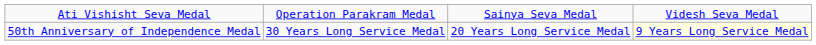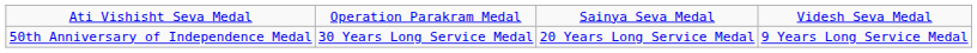 <table class="wikitable" style="margin:1em auto; text-align:center;">
 <tr>
 <td><a href='#'>Ati Vishisht Seva Medal</a></td>
 <td><a href='#'>Operation Parakram Medal</a></td>
 <td><a href='#'>Sainya Seva Medal</a></td>
 <td><a href='#'>Videsh Seva Medal</a></td>
 </tr>
 <tr>
 <td><a href='#'>50th Anniversary of Independence Medal</a></td>
 <td><a href='#'>30 Years Long Service Medal</a></td>
 <td><a href='#'>20 Years Long Service Medal</a></td>
-<td style="background: lightyellow;"><a href='#'>9 Years Long Service Medal</a></td>
+<td><a href='#'>9 Years Long Service Medal</a></td>
 </tr>
 </table>
